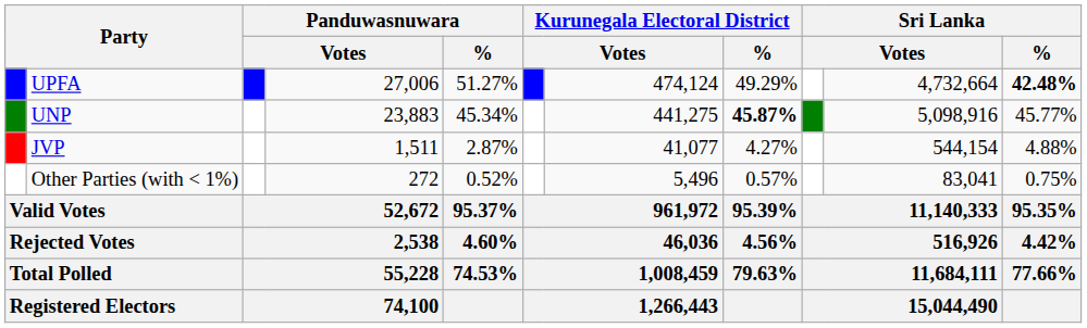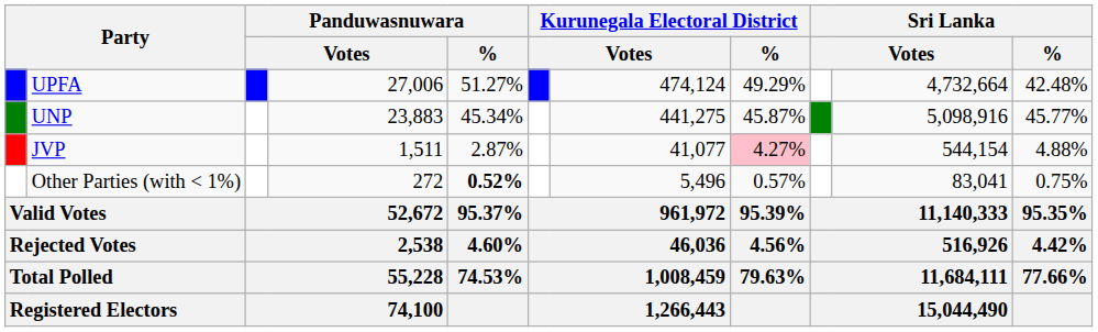 <table class="wikitable">
 <tr>
 <th colspan="2" width="144px"rowspan="2">Party</th>
 <th colspan="3" width="216px">Panduwasnuwara</th>
 <th colspan="3" width="216px"><a href='#'>Kurunegala Electoral District</a></th>
 <th colspan="3" width="216px">Sri Lanka</th>
 </tr>
 <tr>
 <th colspan="2" width="144px">Votes</th>
 <th>%</th>
 <th colspan="2" width="144px">Votes</th>
 <th>%</th>
 <th colspan="2" width="144px">Votes</th>
 <th>%</th>
 </tr>
 <tr>
 <td style="background-color:blue;" width="10px"></td>
 <td style="text-align:left;"><a href='#'>UPFA</a></td>
 <td style="background-color:blue;" width="10px"></td>
 <td style="text-align:right;">27,006</td>
 <td style="text-align:right;">51.27%</td>
 <td style="background-color:blue;" width="10px"></td>
 <td style="text-align:right;">474,124</td>
 <td style="text-align:right;">49.29%</td>
 <td style="background-color:white;" width="10px"></td>
 <td style="text-align:right;">4,732,664</td>
-<td style="text-align:right;"><strong>42.48%</strong></td>
+<td style="text-align:right;">42.48%</td>
 </tr>
 <tr>
 <td style="background-color:green;" width="10px"></td>
 <td style="text-align:left;"><a href='#'>UNP</a></td>
 <td style="background-color:white;" width="10px"></td>
 <td style="text-align:right;">23,883</td>
 <td style="text-align:right;">45.34%</td>
 <td style="background-color:white;" width="10px"></td>
 <td style="text-align:right;">441,275</td>
-<td style="text-align:right;"><strong>45.87%</strong></td>
+<td style="text-align:right;">45.87%</td>
 <td style="background-color:green;" width="10px"></td>
 <td style="text-align:right;">5,098,916</td>
 <td style="text-align:right;">45.77%</td>
 </tr>
 <tr>
 <td style="background-color:red;" width="10px"></td>
 <td style="text-align:left;"><a href='#'>JVP</a></td>
 <td style="background-color:white;" width="10px"></td>
 <td style="text-align:right;">1,511</td>
 <td style="text-align:right;">2.87%</td>
 <td style="background-color:white;" width="10px"></td>
 <td style="text-align:right;">41,077</td>
-<td style="text-align:right;">4.27%</td>
+<td style="background: pink; text-align:right;">4.27%</td>
 <td style="background-color:white;" width="10px"></td>
 <td style="text-align:right;">544,154</td>
 <td style="text-align:right;">4.88%</td>
 </tr>
 <tr>
 <td style="background-color:white;" width="10px"></td>
 <td style="text-align:left;">Other Parties (with < 1%)</td>
 <td style="background-color:white;" width="10px"></td>
 <td style="text-align:right;">272</td>
-<td style="text-align:right;">0.52%</td>
+<td style="text-align:right;"><strong>0.52%</strong></td>
 <td style="background-color:white;" width="10px"></td>
 <td style="text-align:right;">5,496</td>
 <td style="text-align:right;">0.57%</td>
 <td style="background-color:white;" width="10px"></td>
 <td style="text-align:right;">83,041</td>
 <td style="text-align:right;">0.75%</td>
 </tr>
 <tr>
 <th colspan="2" width="144px"style="text-align:left;">Valid Votes</th>
 <th style="text-align:right;"colspan="2" width="144px">52,672</th>
 <th style="text-align:right;">95.37%</th>
 <th style="text-align:right;"colspan="2" width="144px">961,972</th>
 <th style="text-align:right;">95.39%</th>
 <th style="text-align:right;"colspan="2" width="144px">11,140,333</th>
 <th style="text-align:right;">95.35%</th>
 </tr>
 <tr>
 <th colspan="2" width="144px"style="text-align:left;">Rejected Votes</th>
 <th style="text-align:right;"colspan="2" width="144px">2,538</th>
 <th style="text-align:right;">4.60%</th>
 <th style="text-align:right;"colspan="2" width="144px">46,036</th>
 <th style="text-align:right;">4.56%</th>
 <th style="text-align:right;"colspan="2" width="144px">516,926</th>
 <th style="text-align:right;">4.42%</th>
 </tr>
 <tr>
 <th colspan="2" width="144px"style="text-align:left;">Total Polled</th>
 <th style="text-align:right;"colspan="2" width="144px">55,228</th>
 <th style="text-align:right;">74.53%</th>
 <th style="text-align:right;"colspan="2" width="144px">1,008,459</th>
 <th style="text-align:right;">79.63%</th>
 <th style="text-align:right;"colspan="2" width="144px">11,684,111</th>
 <th style="text-align:right;">77.66%</th>
 </tr>
 <tr>
 <th colspan="2" width="144px"style="text-align:left;">Registered Electors</th>
 <th style="text-align:right;"colspan="2" width="144px">74,100</th>
 <th></th>
 <th style="text-align:right;"colspan="2" width="144px">1,266,443</th>
 <th></th>
 <th style="text-align:right;"colspan="2" width="144px">15,044,490</th>
 <th></th>
 </tr>
 </table>
